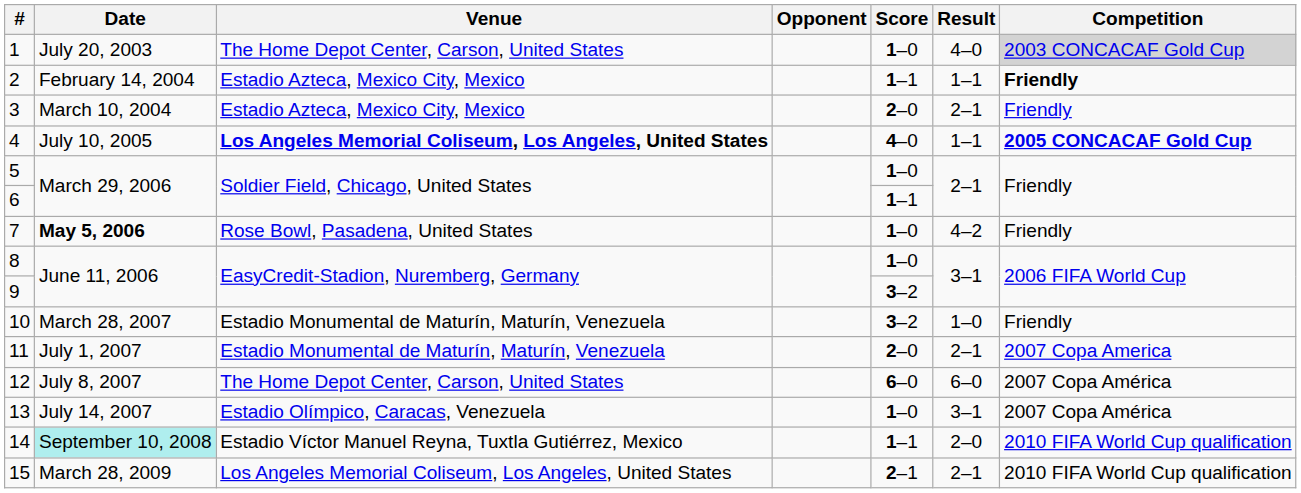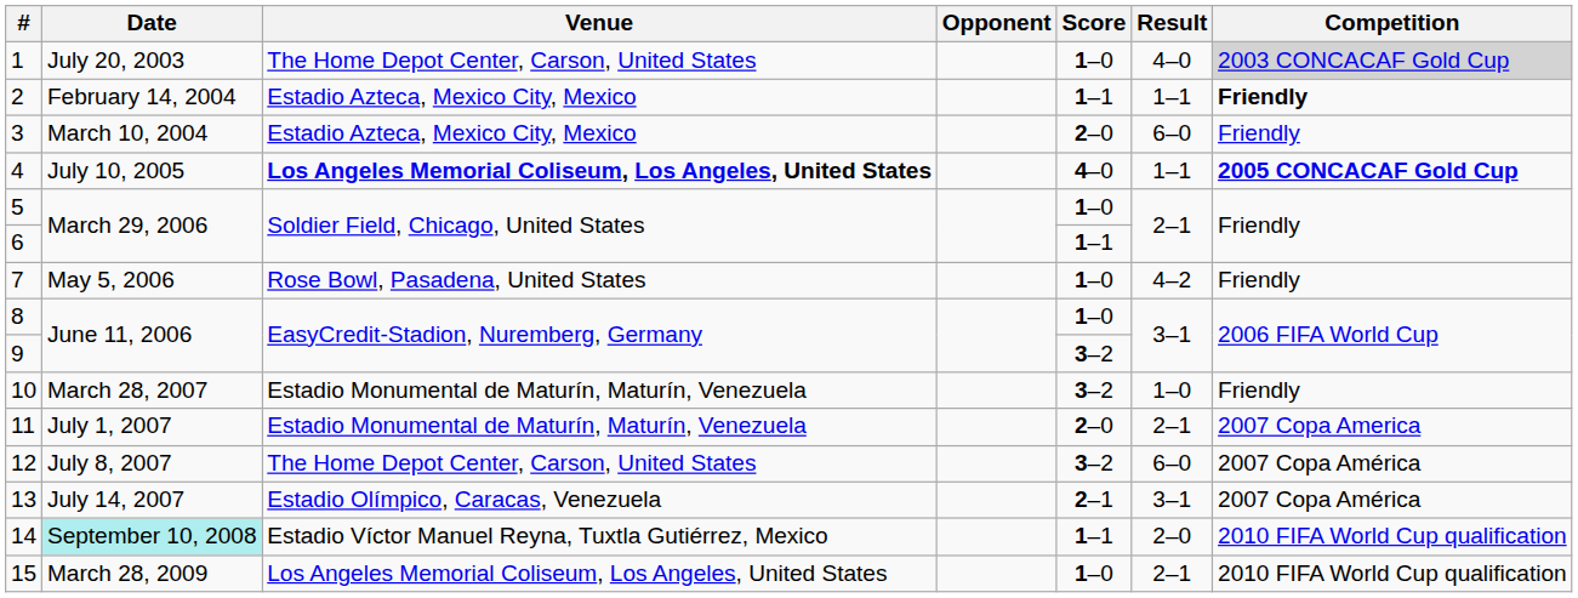 <table class="wikitable">
 <tr>
 <th>#</th>
 <th>Date</th>
 <th>Venue</th>
 <th>Opponent</th>
 <th>Score</th>
 <th>Result</th>
 <th>Competition</th>
 </tr>
 <tr>
 <td>1</td>
 <td>July 20, 2003</td>
 <td><a href='#'>The Home Depot Center</a>, <a href='#'>Carson</a>, <a href='#'>United States</a></td>
 <td></td>
 <td align=center><strong>1</strong>–0</td>
 <td align=center>4–0</td>
 <td style="background: lightgrey;"><a href='#'>2003 CONCACAF Gold Cup</a></td>
 </tr>
 <tr>
 <td>2</td>
 <td>February 14, 2004</td>
 <td><a href='#'>Estadio Azteca</a>, <a href='#'>Mexico City</a>, <a href='#'>Mexico</a></td>
 <td></td>
 <td align=center><strong>1</strong>–1</td>
 <td align=center>1–1</td>
 <td><strong>Friendly</strong></td>
 </tr>
 <tr>
 <td>3</td>
 <td>March 10, 2004</td>
 <td><a href='#'>Estadio Azteca</a>, <a href='#'>Mexico City</a>, <a href='#'>Mexico</a></td>
 <td></td>
 <td align=center><strong>2</strong>–0</td>
-<td align=center>2–1</td>
+<td align=center>6–0</td>
 <td><a href='#'>Friendly</a></td>
 </tr>
 <tr>
 <td>4</td>
 <td>July 10, 2005</td>
 <td><strong><a href='#'>Los Angeles Memorial Coliseum</a>, <a href='#'>Los Angeles</a>, United States</strong></td>
 <td></td>
 <td align=center><strong>4</strong>–0</td>
 <td align=center>1–1</td>
 <td><strong><a href='#'>2005 CONCACAF Gold Cup</a></strong></td>
 </tr>
 <tr>
 <td>5</td>
 <td rowspan="2">March 29, 2006</td>
 <td rowspan="2"><a href='#'>Soldier Field</a>, <a href='#'>Chicago</a>, United States</td>
 <td rowspan="2"></td>
 <td align=center><strong>1</strong>–0</td>
 <td rowspan="2" align=center>2–1</td>
 <td rowspan="2">Friendly</td>
 </tr>
 <tr>
 <td>6</td>
 <td align=center><strong>1</strong>–1</td>
 </tr>
 <tr>
 <td>7</td>
-<td><strong>May 5, 2006</strong></td>
+<td>May 5, 2006</td>
 <td><a href='#'>Rose Bowl</a>, <a href='#'>Pasadena</a>, United States</td>
 <td></td>
 <td align=center><strong>1</strong>–0</td>
 <td align=center>4–2</td>
 <td>Friendly</td>
 </tr>
 <tr>
 <td>8</td>
 <td rowspan="2">June 11, 2006</td>
 <td rowspan="2"><a href='#'>EasyCredit-Stadion</a>, <a href='#'>Nuremberg</a>, <a href='#'>Germany</a></td>
 <td rowspan="2"></td>
 <td align=center><strong>1</strong>–0</td>
 <td rowspan="2" align=center>3–1</td>
 <td rowspan="2"><a href='#'>2006 FIFA World Cup</a></td>
 </tr>
 <tr>
 <td>9</td>
 <td align=center><strong>3</strong>–2</td>
 </tr>
 <tr>
 <td>10</td>
 <td>March 28, 2007</td>
 <td>Estadio Monumental de Maturín, Maturín, Venezuela</td>
 <td></td>
 <td align=center><strong>3</strong>–2</td>
 <td align=center>1–0</td>
 <td>Friendly</td>
 </tr>
 <tr>
 <td>11</td>
 <td>July 1, 2007</td>
 <td><a href='#'>Estadio Monumental de Maturín</a>, <a href='#'>Maturín</a>, <a href='#'>Venezuela</a></td>
 <td></td>
 <td align=center><strong>2</strong>–0</td>
 <td align=center>2–1</td>
 <td><a href='#'>2007 Copa America</a></td>
 </tr>
 <tr>
 <td>12</td>
 <td>July 8, 2007</td>
 <td><a href='#'>The Home Depot Center</a>, <a href='#'>Carson</a>, <a href='#'>United States</a></td>
 <td></td>
-<td align=center><strong>6</strong>–0</td>
+<td align=center><strong>3</strong>–2</td>
 <td align=center>6–0</td>
 <td>2007 Copa América</td>
 </tr>
 <tr>
 <td>13</td>
 <td>July 14, 2007</td>
 <td><a href='#'>Estadio Olímpico</a>, <a href='#'>Caracas</a>, Venezuela</td>
 <td></td>
-<td align=center><strong>1</strong>–0</td>
+<td align=center><strong>2</strong>–1</td>
 <td align=center>3–1</td>
 <td>2007 Copa América</td>
 </tr>
 <tr>
 <td>14</td>
 <td style="background: paleturquoise;">September 10, 2008</td>
 <td>Estadio Víctor Manuel Reyna, Tuxtla Gutiérrez, Mexico</td>
 <td></td>
 <td align=center><strong>1</strong>–1</td>
 <td align=center>2–0</td>
 <td><a href='#'>2010 FIFA World Cup qualification</a></td>
 </tr>
 <tr>
 <td>15</td>
 <td>March 28, 2009</td>
 <td><a href='#'>Los Angeles Memorial Coliseum</a>, <a href='#'>Los Angeles</a>, United States</td>
 <td></td>
-<td align=center><strong>2</strong>–1</td>
+<td align=center><strong>1</strong>–0</td>
 <td align=center>2–1</td>
 <td>2010 FIFA World Cup qualification</td>
 </tr>
 </table>
